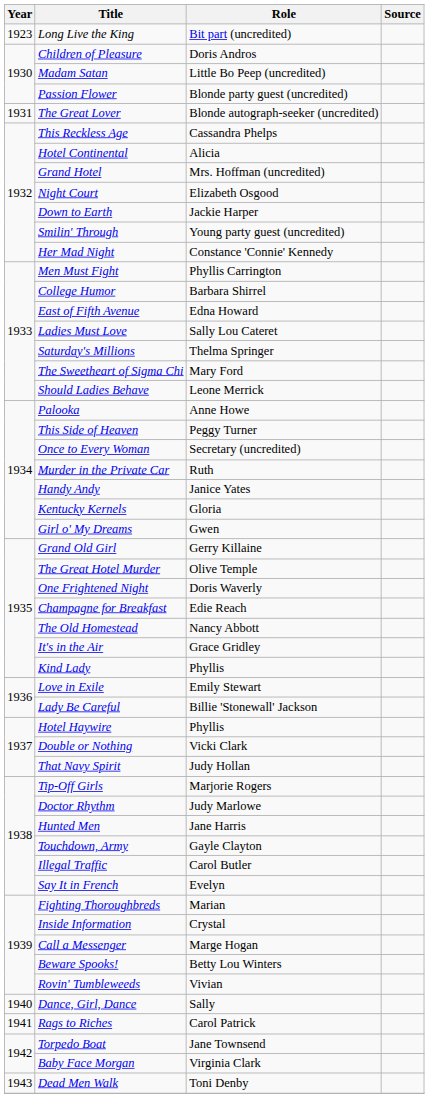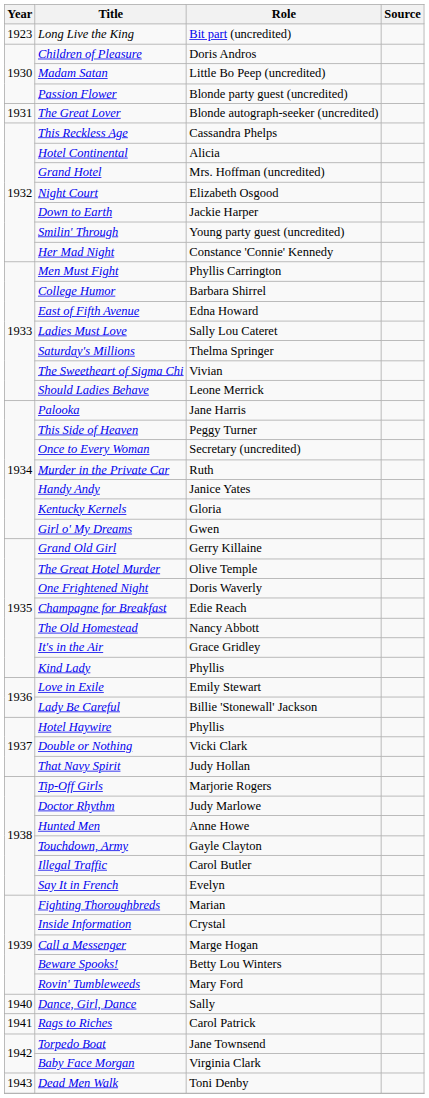 <table class="wikitable">
 <tr>
 <th>Year</th>
 <th>Title</th>
 <th>Role</th>
 <th>Source</th>
 </tr>
 <tr>
 <td>1923</td>
 <td><em>Long Live the King</em></td>
 <td><a href='#'>Bit part</a> (uncredited)</td>
 <td></td>
 </tr>
 <tr>
 <td rowspan=3>1930</td>
 <td><em><a href='#'>Children of Pleasure</a></em></td>
 <td>Doris Andros</td>
 <td></td>
 </tr>
 <tr>
 <td><em><a href='#'>Madam Satan</a></em></td>
 <td>Little Bo Peep (uncredited)</td>
 <td></td>
 </tr>
 <tr>
 <td><em><a href='#'>Passion Flower</a></em></td>
 <td>Blonde party guest (uncredited)</td>
 <td></td>
 </tr>
 <tr>
 <td>1931</td>
 <td><em><a href='#'>The Great Lover</a></em></td>
 <td>Blonde autograph-seeker (uncredited)</td>
 <td></td>
 </tr>
 <tr>
 <td rowspan=7>1932</td>
 <td><em><a href='#'>This Reckless Age</a></em></td>
 <td>Cassandra Phelps</td>
 <td></td>
 </tr>
 <tr>
 <td><em><a href='#'>Hotel Continental</a></em></td>
 <td>Alicia</td>
 <td></td>
 </tr>
 <tr>
 <td><em><a href='#'>Grand Hotel</a></em></td>
 <td>Mrs. Hoffman (uncredited)</td>
 <td></td>
 </tr>
 <tr>
 <td><em><a href='#'>Night Court</a></em></td>
 <td>Elizabeth Osgood</td>
 <td></td>
 </tr>
 <tr>
 <td><em><a href='#'>Down to Earth</a></em></td>
 <td>Jackie Harper</td>
 <td></td>
 </tr>
 <tr>
 <td><em><a href='#'>Smilin' Through</a></em></td>
 <td>Young party guest (uncredited)</td>
 <td></td>
 </tr>
 <tr>
 <td><em><a href='#'>Her Mad Night</a></em></td>
 <td>Constance 'Connie' Kennedy</td>
 <td></td>
 </tr>
 <tr>
 <td rowspan=7>1933</td>
 <td><em><a href='#'>Men Must Fight</a></em></td>
 <td>Phyllis Carrington</td>
 <td></td>
 </tr>
 <tr>
 <td><em><a href='#'>College Humor</a></em></td>
 <td>Barbara Shirrel</td>
 <td></td>
 </tr>
 <tr>
 <td><em><a href='#'>East of Fifth Avenue</a></em></td>
 <td>Edna Howard</td>
 <td></td>
 </tr>
 <tr>
 <td><em><a href='#'>Ladies Must Love</a></em></td>
 <td>Sally Lou Cateret</td>
 <td></td>
 </tr>
 <tr>
 <td><em><a href='#'>Saturday's Millions</a></em></td>
 <td>Thelma Springer</td>
 <td></td>
 </tr>
 <tr>
 <td><em><a href='#'>The Sweetheart of Sigma Chi</a></em></td>
-<td>Mary Ford</td>
+<td>Vivian</td>
 <td></td>
 </tr>
 <tr>
 <td><em><a href='#'>Should Ladies Behave</a></em></td>
 <td>Leone Merrick</td>
 <td></td>
 </tr>
 <tr>
 <td rowspan=7>1934</td>
 <td><em><a href='#'>Palooka</a></em></td>
-<td>Anne Howe</td>
+<td>Jane Harris</td>
 <td></td>
 </tr>
 <tr>
 <td><em><a href='#'>This Side of Heaven</a></em></td>
 <td>Peggy Turner</td>
 <td></td>
 </tr>
 <tr>
 <td><em><a href='#'>Once to Every Woman</a></em></td>
 <td>Secretary (uncredited)</td>
 <td></td>
 </tr>
 <tr>
 <td><em><a href='#'>Murder in the Private Car</a></em></td>
 <td>Ruth</td>
 <td></td>
 </tr>
 <tr>
 <td><em><a href='#'>Handy Andy</a></em></td>
 <td>Janice Yates</td>
 <td></td>
 </tr>
 <tr>
 <td><em><a href='#'>Kentucky Kernels</a></em></td>
 <td>Gloria</td>
 <td></td>
 </tr>
 <tr>
 <td><em><a href='#'>Girl o' My Dreams</a></em></td>
 <td>Gwen</td>
 <td></td>
 </tr>
 <tr>
 <td rowspan=7>1935</td>
 <td><em><a href='#'>Grand Old Girl</a></em></td>
 <td>Gerry Killaine</td>
 <td></td>
 </tr>
 <tr>
 <td><em><a href='#'>The Great Hotel Murder</a></em></td>
 <td>Olive Temple</td>
 <td></td>
 </tr>
 <tr>
 <td><em><a href='#'>One Frightened Night</a></em></td>
 <td>Doris Waverly</td>
 <td></td>
 </tr>
 <tr>
 <td><em><a href='#'>Champagne for Breakfast</a></em></td>
 <td>Edie Reach</td>
 <td></td>
 </tr>
 <tr>
 <td><em><a href='#'>The Old Homestead</a></em></td>
 <td>Nancy Abbott</td>
 <td></td>
 </tr>
 <tr>
 <td><em><a href='#'>It's in the Air</a></em></td>
 <td>Grace Gridley</td>
 <td></td>
 </tr>
 <tr>
 <td><em><a href='#'>Kind Lady</a></em></td>
 <td>Phyllis</td>
 <td></td>
 </tr>
 <tr>
 <td rowspan=2>1936</td>
 <td><em><a href='#'>Love in Exile</a></em></td>
 <td>Emily Stewart</td>
 <td></td>
 </tr>
 <tr>
 <td><em><a href='#'>Lady Be Careful</a></em></td>
 <td>Billie 'Stonewall' Jackson</td>
 <td></td>
 </tr>
 <tr>
 <td rowspan=3>1937</td>
 <td><em><a href='#'>Hotel Haywire</a></em></td>
 <td>Phyllis</td>
 <td></td>
 </tr>
 <tr>
 <td><em><a href='#'>Double or Nothing</a></em></td>
 <td>Vicki Clark</td>
 <td></td>
 </tr>
 <tr>
 <td><em><a href='#'>That Navy Spirit</a></em></td>
 <td>Judy Hollan</td>
 <td></td>
 </tr>
 <tr>
 <td rowspan=6>1938</td>
 <td><em><a href='#'>Tip-Off Girls</a></em></td>
 <td>Marjorie Rogers</td>
 <td></td>
 </tr>
 <tr>
 <td><em><a href='#'>Doctor Rhythm</a></em></td>
 <td>Judy Marlowe</td>
 <td></td>
 </tr>
 <tr>
 <td><em><a href='#'>Hunted Men</a></em></td>
-<td>Jane Harris</td>
+<td>Anne Howe</td>
 <td></td>
 </tr>
 <tr>
 <td><em><a href='#'>Touchdown, Army</a></em></td>
 <td>Gayle Clayton</td>
 <td></td>
 </tr>
 <tr>
 <td><em><a href='#'>Illegal Traffic</a></em></td>
 <td>Carol Butler</td>
 <td></td>
 </tr>
 <tr>
 <td><em><a href='#'>Say It in French</a></em></td>
 <td>Evelyn</td>
 <td></td>
 </tr>
 <tr>
 <td rowspan=5>1939</td>
 <td><em><a href='#'>Fighting Thoroughbreds</a></em></td>
 <td>Marian</td>
 <td></td>
 </tr>
 <tr>
 <td><em><a href='#'>Inside Information</a></em></td>
 <td>Crystal</td>
 <td></td>
 </tr>
 <tr>
 <td><em><a href='#'>Call a Messenger</a></em></td>
 <td>Marge Hogan</td>
 <td></td>
 </tr>
 <tr>
 <td><em><a href='#'>Beware Spooks!</a></em></td>
 <td>Betty Lou Winters</td>
 <td></td>
 </tr>
 <tr>
 <td><em><a href='#'>Rovin' Tumbleweeds</a></em></td>
-<td>Vivian</td>
+<td>Mary Ford</td>
 <td></td>
 </tr>
 <tr>
 <td>1940</td>
 <td><em><a href='#'>Dance, Girl, Dance</a></em></td>
 <td>Sally</td>
 <td></td>
 </tr>
 <tr>
 <td>1941</td>
 <td><em><a href='#'>Rags to Riches</a></em></td>
 <td>Carol Patrick</td>
 <td></td>
 </tr>
 <tr>
 <td rowspan=2>1942</td>
 <td><em><a href='#'>Torpedo Boat</a></em></td>
 <td>Jane Townsend</td>
 <td></td>
 </tr>
 <tr>
 <td><em><a href='#'>Baby Face Morgan</a></em></td>
 <td>Virginia Clark</td>
 <td></td>
 </tr>
 <tr>
 <td>1943</td>
 <td><em><a href='#'>Dead Men Walk</a></em></td>
 <td>Toni Denby</td>
 <td></td>
 </tr>
 <tr>
 </tr>
 </table>
